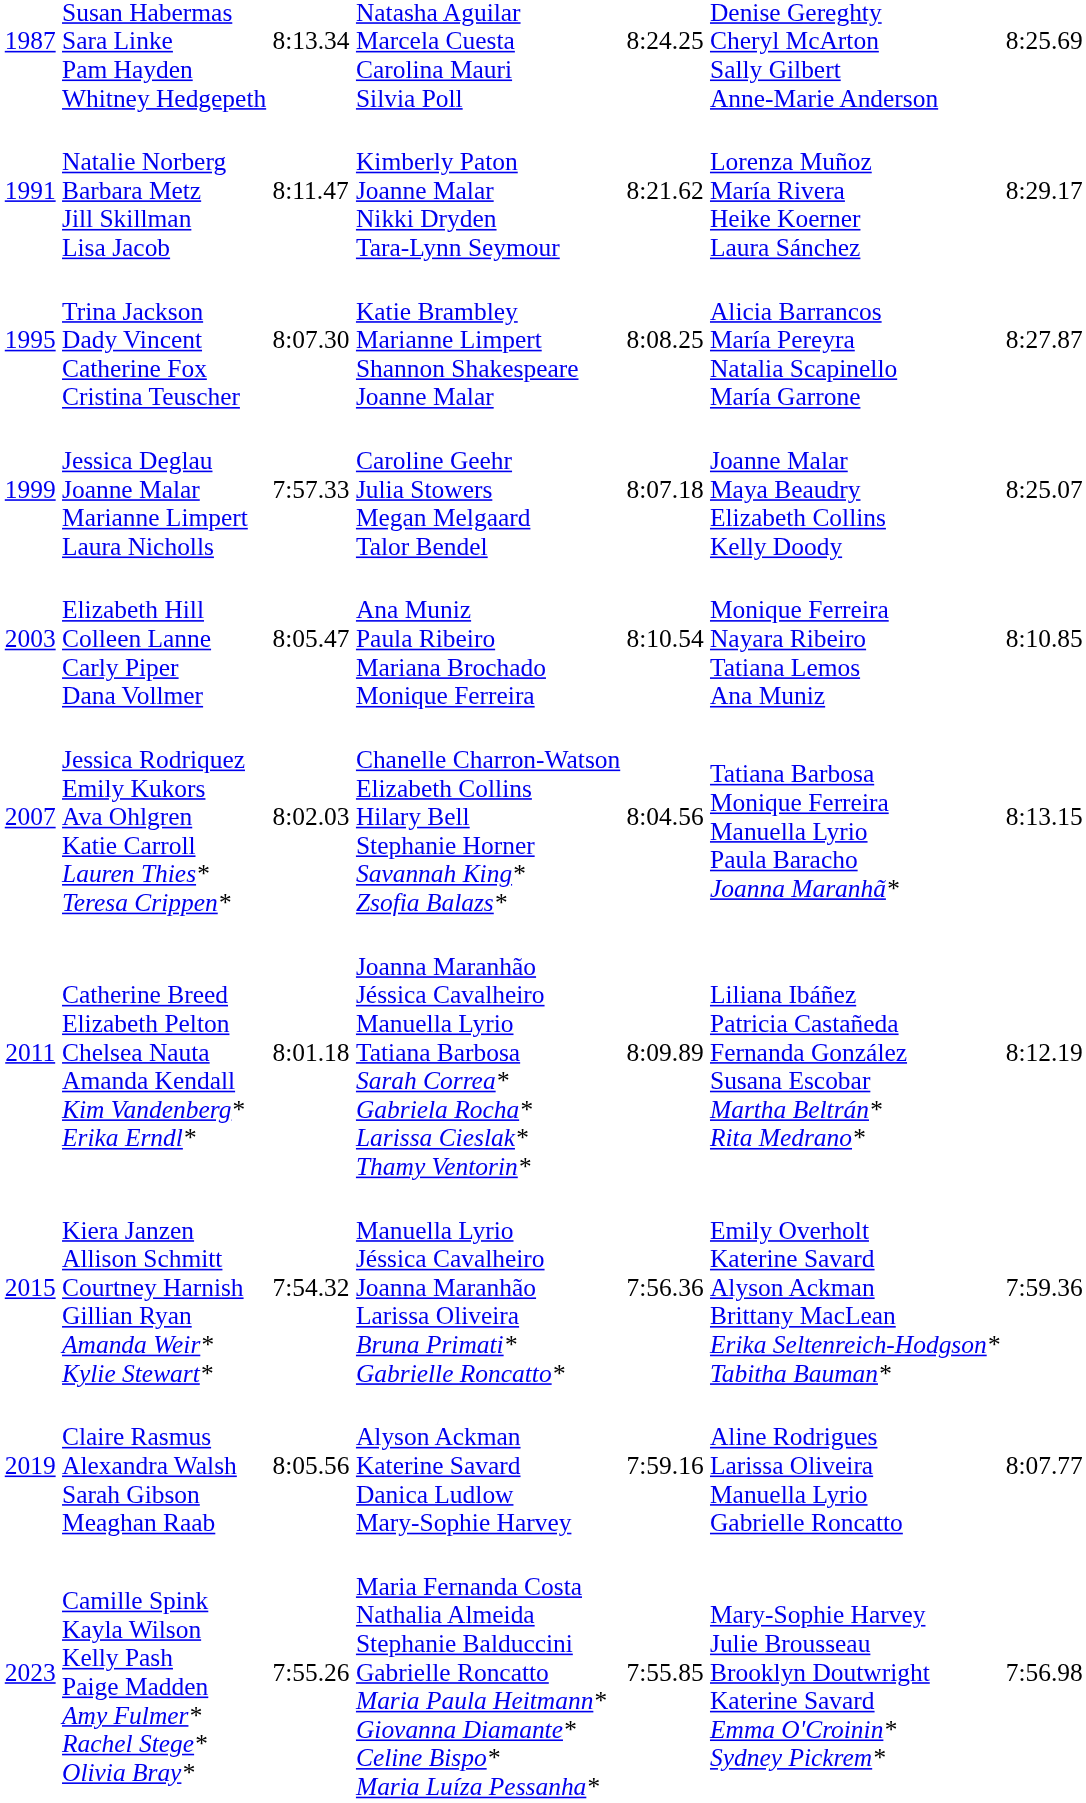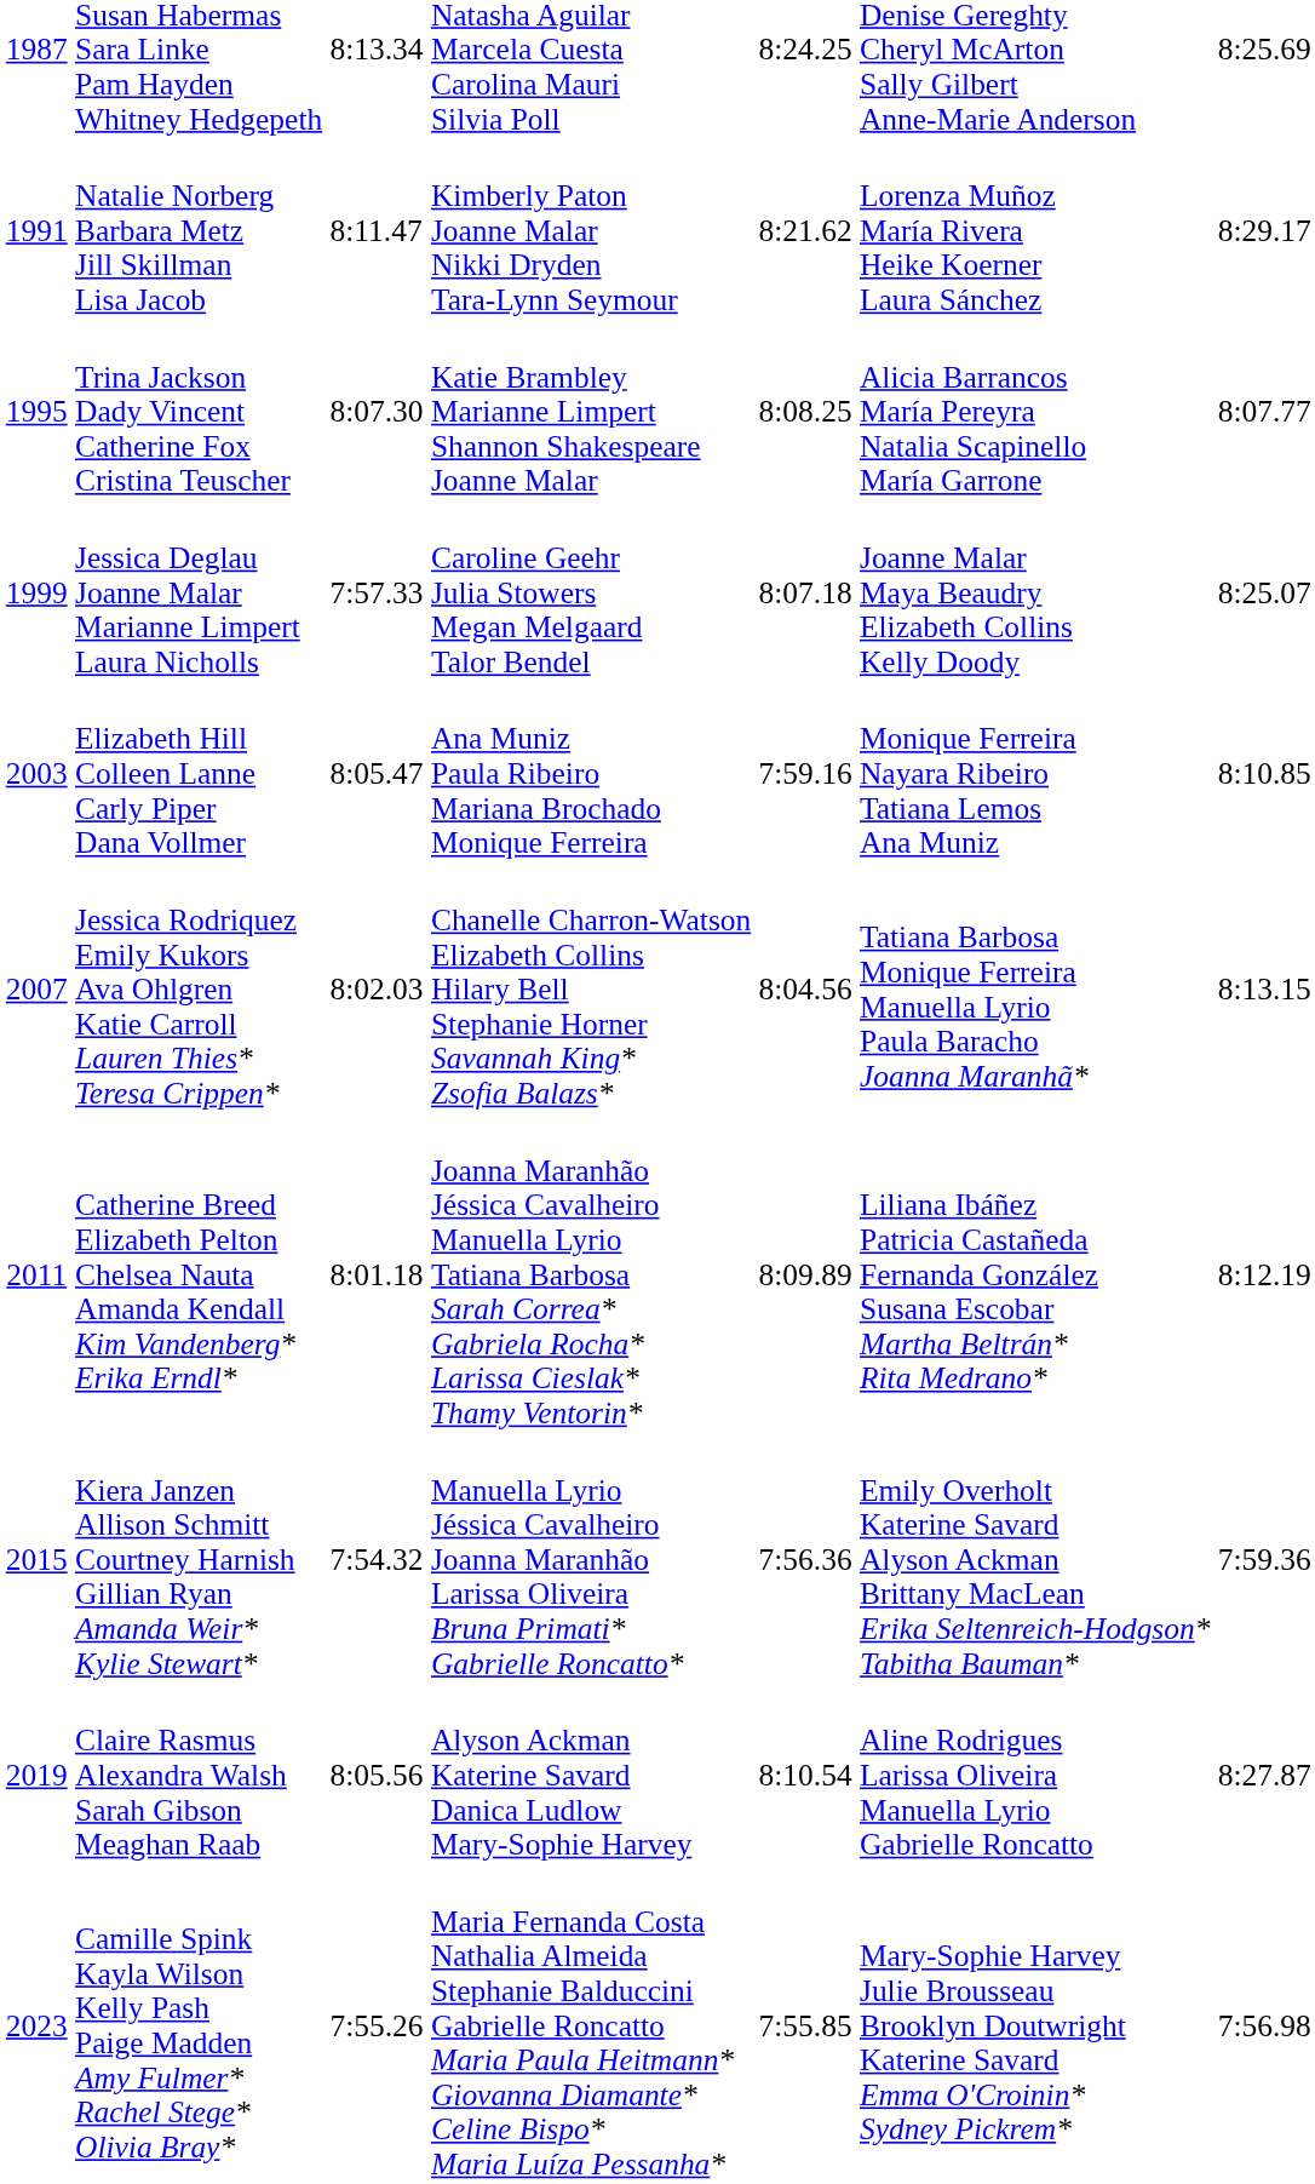 <table>
 <tr>
 <td align=center><a href='#'>1987</a></td>
 <td><br><a href='#'>Susan Habermas</a><br><a href='#'>Sara Linke</a><br><a href='#'>Pam Hayden</a><br><a href='#'>Whitney Hedgepeth</a></td>
 <td>8:13.34</td>
 <td><br><a href='#'>Natasha Aguilar</a><br><a href='#'>Marcela Cuesta</a><br><a href='#'>Carolina Mauri</a><br><a href='#'>Silvia Poll</a></td>
 <td>8:24.25</td>
 <td><br><a href='#'>Denise Gereghty</a><br><a href='#'>Cheryl McArton</a><br><a href='#'>Sally Gilbert</a><br><a href='#'>Anne-Marie Anderson</a></td>
 <td>8:25.69</td>
 </tr>
 <tr>
 <td align=center><a href='#'>1991</a></td>
 <td><br><a href='#'>Natalie Norberg</a><br><a href='#'>Barbara Metz</a><br><a href='#'>Jill Skillman</a><br><a href='#'>Lisa Jacob</a></td>
 <td>8:11.47</td>
 <td><br><a href='#'>Kimberly Paton</a><br><a href='#'>Joanne Malar</a><br><a href='#'>Nikki Dryden</a><br><a href='#'>Tara-Lynn Seymour</a></td>
 <td>8:21.62</td>
 <td><br><a href='#'>Lorenza Muñoz</a><br><a href='#'>María Rivera</a><br><a href='#'>Heike Koerner</a><br><a href='#'>Laura Sánchez</a></td>
 <td>8:29.17</td>
 </tr>
 <tr>
 <td align=center><a href='#'>1995</a></td>
 <td><br><a href='#'>Trina Jackson</a><br><a href='#'>Dady Vincent</a><br><a href='#'>Catherine Fox</a><br><a href='#'>Cristina Teuscher</a></td>
 <td>8:07.30</td>
 <td><br><a href='#'>Katie Brambley</a><br><a href='#'>Marianne Limpert</a><br><a href='#'>Shannon Shakespeare</a><br><a href='#'>Joanne Malar</a></td>
 <td>8:08.25</td>
 <td><br><a href='#'>Alicia Barrancos</a><br><a href='#'>María Pereyra</a><br><a href='#'>Natalia Scapinello</a><br><a href='#'>María Garrone</a></td>
-<td>8:27.87</td>
+<td>8:07.77</td>
 </tr>
 <tr>
 <td align=center><a href='#'>1999</a></td>
 <td><br><a href='#'>Jessica Deglau</a><br><a href='#'>Joanne Malar</a><br><a href='#'>Marianne Limpert</a><br><a href='#'>Laura Nicholls</a></td>
 <td>7:57.33</td>
 <td><br><a href='#'>Caroline Geehr</a><br><a href='#'>Julia Stowers</a><br><a href='#'>Megan Melgaard</a><br><a href='#'>Talor Bendel</a></td>
 <td>8:07.18</td>
 <td><br><a href='#'>Joanne Malar</a><br><a href='#'>Maya Beaudry</a><br><a href='#'>Elizabeth Collins</a><br><a href='#'>Kelly Doody</a></td>
 <td>8:25.07</td>
 </tr>
 <tr>
 <td align=center><a href='#'>2003</a></td>
 <td><br><a href='#'>Elizabeth Hill</a><br><a href='#'>Colleen Lanne</a><br><a href='#'>Carly Piper</a><br><a href='#'>Dana Vollmer</a></td>
 <td>8:05.47</td>
 <td><br><a href='#'>Ana Muniz</a><br><a href='#'>Paula Ribeiro</a><br><a href='#'>Mariana Brochado</a><br><a href='#'>Monique Ferreira</a></td>
-<td>8:10.54</td>
+<td>7:59.16</td>
 <td><br><a href='#'>Monique Ferreira</a><br><a href='#'>Nayara Ribeiro</a><br><a href='#'>Tatiana Lemos</a><br><a href='#'>Ana Muniz</a></td>
 <td>8:10.85</td>
 </tr>
 <tr>
 <td align=center><a href='#'>2007</a></td>
 <td><br><a href='#'>Jessica Rodriquez</a><br><a href='#'>Emily Kukors</a><br><a href='#'>Ava Ohlgren</a><br><a href='#'>Katie Carroll</a><br><em><a href='#'>Lauren Thies</a>*</em><br><em><a href='#'>Teresa Crippen</a>*</em></td>
 <td>8:02.03</td>
 <td><br><a href='#'>Chanelle Charron-Watson</a><br><a href='#'>Elizabeth Collins</a><br><a href='#'>Hilary Bell</a><br><a href='#'>Stephanie Horner</a><br><em><a href='#'>Savannah King</a>*</em><br><em><a href='#'>Zsofia Balazs</a>*</em></td>
 <td>8:04.56</td>
 <td><br><a href='#'>Tatiana Barbosa</a><br><a href='#'>Monique Ferreira</a><br><a href='#'>Manuella Lyrio</a><br><a href='#'>Paula Baracho</a><br><em><a href='#'>Joanna Maranhã</a>*</em></td>
 <td>8:13.15</td>
 </tr>
 <tr>
 <td align=center><a href='#'>2011</a></td>
 <td><br><a href='#'>Catherine Breed</a><br><a href='#'>Elizabeth Pelton</a><br><a href='#'>Chelsea Nauta</a><br><a href='#'>Amanda Kendall</a><br><em><a href='#'>Kim Vandenberg</a>*</em><br><em><a href='#'>Erika Erndl</a>*</em></td>
 <td>8:01.18</td>
 <td><br><a href='#'>Joanna Maranhão</a><br><a href='#'>Jéssica Cavalheiro</a><br><a href='#'>Manuella Lyrio</a><br><a href='#'>Tatiana Barbosa</a><br><em><a href='#'>Sarah Correa</a>*</em><br><em><a href='#'>Gabriela Rocha</a>*</em><br><em><a href='#'>Larissa Cieslak</a>*</em><br><em><a href='#'>Thamy Ventorin</a>*</em></td>
 <td>8:09.89</td>
 <td><br><a href='#'>Liliana Ibáñez</a><br><a href='#'>Patricia Castañeda</a><br><a href='#'>Fernanda González</a><br><a href='#'>Susana Escobar</a><br><em><a href='#'>Martha Beltrán</a>*</em><br><em><a href='#'>Rita Medrano</a>*</em></td>
 <td>8:12.19</td>
 </tr>
 <tr>
 <td align=center><a href='#'>2015</a></td>
 <td><br><a href='#'>Kiera Janzen</a><br><a href='#'>Allison Schmitt</a><br><a href='#'>Courtney Harnish</a><br><a href='#'>Gillian Ryan</a><br><em><a href='#'>Amanda Weir</a>*</em><br><em><a href='#'>Kylie Stewart</a>*</em></td>
 <td>7:54.32</td>
 <td><br><a href='#'>Manuella Lyrio</a><br><a href='#'>Jéssica Cavalheiro</a><br><a href='#'>Joanna Maranhão</a><br><a href='#'>Larissa Oliveira</a><br><em><a href='#'>Bruna Primati</a>*</em><br><em><a href='#'>Gabrielle Roncatto</a>*</em></td>
 <td>7:56.36</td>
 <td><br><a href='#'>Emily Overholt</a><br><a href='#'>Katerine Savard</a><br><a href='#'>Alyson Ackman</a><br><a href='#'>Brittany MacLean</a><br><em><a href='#'>Erika Seltenreich-Hodgson</a>*</em><br><em><a href='#'>Tabitha Bauman</a>*</em></td>
 <td>7:59.36</td>
 </tr>
 <tr>
 <td align=center><a href='#'>2019</a></td>
 <td><br><a href='#'>Claire Rasmus</a><br><a href='#'>Alexandra Walsh</a><br><a href='#'>Sarah Gibson</a><br><a href='#'>Meaghan Raab</a></td>
 <td>8:05.56</td>
 <td><br><a href='#'>Alyson Ackman</a><br><a href='#'>Katerine Savard</a><br><a href='#'>Danica Ludlow</a><br><a href='#'>Mary-Sophie Harvey</a></td>
-<td>7:59.16</td>
+<td>8:10.54</td>
 <td><br><a href='#'>Aline Rodrigues</a><br><a href='#'>Larissa Oliveira</a><br><a href='#'>Manuella Lyrio</a><br><a href='#'>Gabrielle Roncatto</a></td>
-<td>8:07.77</td>
+<td>8:27.87</td>
 </tr>
 <tr>
 <td align=center><a href='#'>2023</a></td>
 <td><br><a href='#'>Camille Spink</a><br><a href='#'>Kayla Wilson</a><br><a href='#'>Kelly Pash</a><br><a href='#'>Paige Madden</a><br><em><a href='#'>Amy Fulmer</a>*</em><br><em><a href='#'>Rachel Stege</a>*</em><br><em><a href='#'>Olivia Bray</a>*</em></td>
 <td>7:55.26</td>
 <td><br><a href='#'>Maria Fernanda Costa</a><br><a href='#'>Nathalia Almeida</a><br><a href='#'>Stephanie Balduccini</a><br><a href='#'>Gabrielle Roncatto</a><br><em><a href='#'>Maria Paula Heitmann</a>*</em><br><em><a href='#'>Giovanna Diamante</a>*</em><br><em><a href='#'>Celine Bispo</a>*</em><br><em><a href='#'>Maria Luíza Pessanha</a>*</em></td>
 <td>7:55.85</td>
 <td><br><a href='#'>Mary-Sophie Harvey</a><br><a href='#'>Julie Brousseau</a><br><a href='#'>Brooklyn Doutwright</a><br><a href='#'>Katerine Savard</a><br><em><a href='#'>Emma O'Croinin</a>*</em><br><em><a href='#'>Sydney Pickrem</a>*</em></td>
 <td>7:56.98</td>
 </tr>
 </table>
